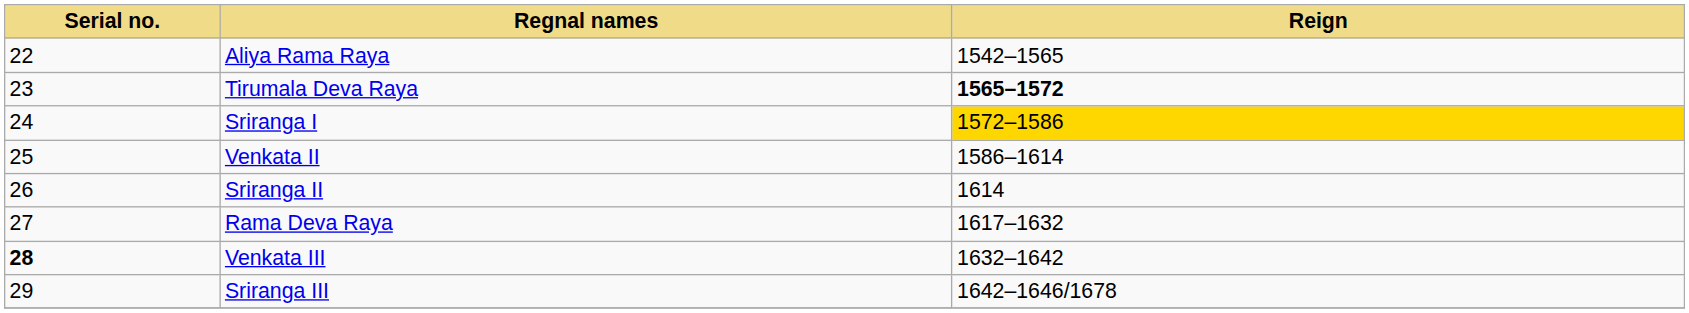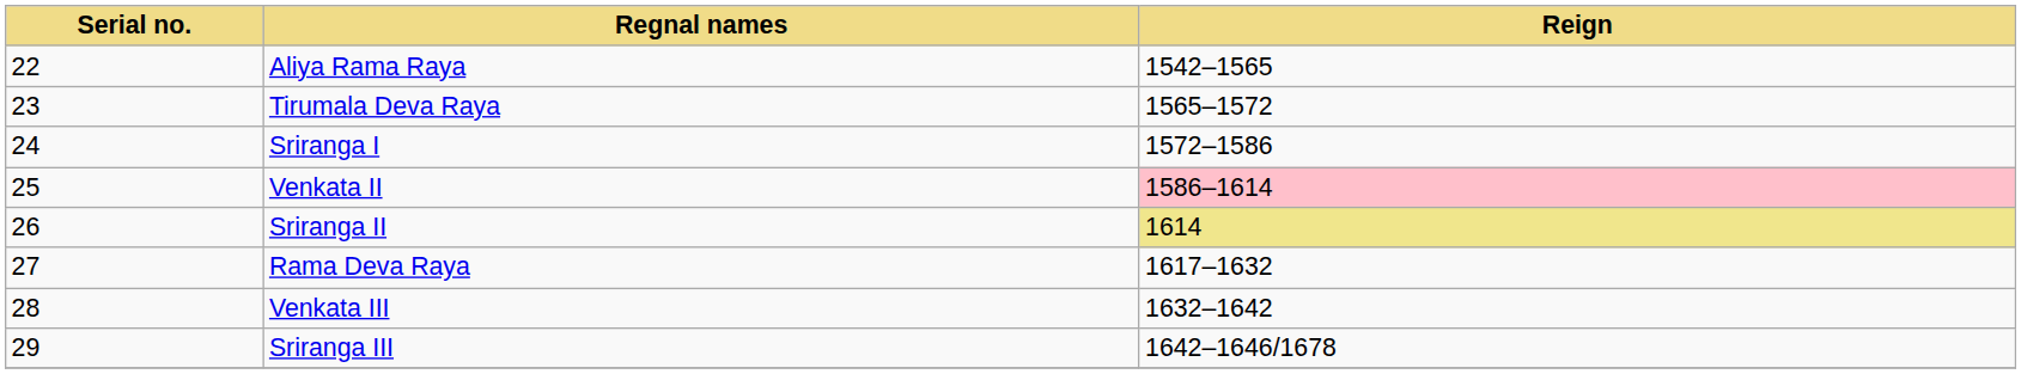 <table style="width:100%;" class="wikitable">
 <tr>
 <th style="background:#f0dc88; width:5%;">Serial no.</th>
 <th style="background:#f0dc88; width:17%;">Regnal names</th>
 <th style="background:#f0dc88; width:17%;">Reign</th>
 </tr>
 <tr>
 <td>22</td>
 <td><a href='#'>Aliya Rama Raya</a></td>
 <td>1542–1565</td>
 </tr>
 <tr>
 <td>23</td>
 <td><a href='#'>Tirumala Deva Raya</a></td>
-<td><strong>1565–1572</strong></td>
+<td>1565–1572</td>
 </tr>
 <tr>
 <td>24</td>
 <td><a href='#'>Sriranga I</a></td>
-<td style="background: gold;">1572–1586</td>
+<td>1572–1586</td>
 </tr>
 <tr>
 <td>25</td>
 <td><a href='#'>Venkata II</a></td>
-<td>1586–1614</td>
+<td style="background: pink;">1586–1614</td>
 </tr>
 <tr>
 <td>26</td>
 <td><a href='#'>Sriranga II</a></td>
-<td>1614</td>
+<td style="background: khaki;">1614</td>
 </tr>
 <tr>
 <td>27</td>
 <td><a href='#'>Rama Deva Raya</a></td>
 <td>1617–1632</td>
 </tr>
 <tr>
-<td><strong>28</strong></td>
+<td>28</td>
 <td><a href='#'>Venkata III</a></td>
 <td>1632–1642</td>
 </tr>
 <tr>
 <td>29</td>
 <td><a href='#'>Sriranga III</a></td>
 <td>1642–1646/1678</td>
 </tr>
 <tr>
 </tr>
 </table>
